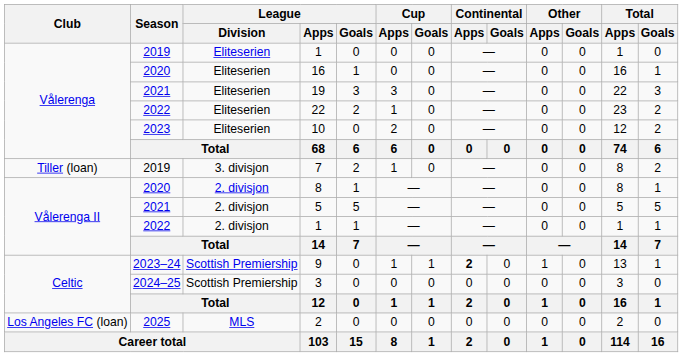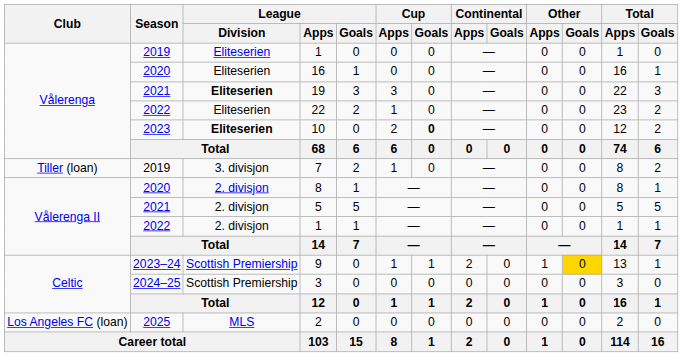 <table class="wikitable" style="text-align:center">
 <tr>
 <th rowspan="2">Club</th>
 <th rowspan="2">Season</th>
 <th colspan="3">League</th>
 <th colspan="2">Cup</th>
 <th colspan="2">Continental</th>
 <th colspan="2">Other</th>
 <th colspan="2">Total</th>
 </tr>
 <tr>
 <th>Division</th>
 <th>Apps</th>
 <th>Goals</th>
 <th>Apps</th>
 <th>Goals</th>
 <th>Apps</th>
 <th>Goals</th>
 <th>Apps</th>
 <th>Goals</th>
 <th>Apps</th>
 <th>Goals</th>
 </tr>
 <tr>
 <td rowspan="6"><a href='#'>Vålerenga</a></td>
 <td><a href='#'>2019</a></td>
 <td><a href='#'>Eliteserien</a></td>
 <td>1</td>
 <td>0</td>
 <td>0</td>
 <td>0</td>
 <td colspan="2">—</td>
 <td>0</td>
 <td>0</td>
 <td>1</td>
 <td>0</td>
 </tr>
 <tr>
 <td><a href='#'>2020</a></td>
 <td>Eliteserien</td>
 <td>16</td>
 <td>1</td>
 <td>0</td>
 <td>0</td>
 <td colspan="2">—</td>
 <td>0</td>
 <td>0</td>
 <td>16</td>
 <td>1</td>
 </tr>
 <tr>
 <td><a href='#'>2021</a></td>
-<td>Eliteserien</td>
+<td><strong>Eliteserien</strong></td>
 <td>19</td>
 <td>3</td>
 <td>3</td>
 <td>0</td>
 <td colspan="2">—</td>
 <td>0</td>
 <td>0</td>
 <td>22</td>
 <td>3</td>
 </tr>
 <tr>
 <td><a href='#'>2022</a></td>
 <td>Eliteserien</td>
 <td>22</td>
 <td>2</td>
 <td>1</td>
 <td>0</td>
 <td colspan="2">—</td>
 <td>0</td>
 <td>0</td>
 <td>23</td>
 <td>2</td>
 </tr>
 <tr>
 <td><a href='#'>2023</a></td>
-<td>Eliteserien</td>
+<td><strong>Eliteserien</strong></td>
 <td>10</td>
 <td>0</td>
 <td>2</td>
-<td>0</td>
+<td><strong>0</strong></td>
 <td colspan="2">—</td>
 <td>0</td>
 <td>0</td>
 <td>12</td>
 <td>2</td>
 </tr>
 <tr>
 <th colspan="2">Total</th>
 <th>68</th>
 <th>6</th>
 <th>6</th>
 <th>0</th>
 <th>0</th>
 <th>0</th>
 <th>0</th>
 <th>0</th>
 <th>74</th>
 <th>6</th>
 </tr>
 <tr>
 <td><a href='#'>Tiller</a> (loan)</td>
 <td>2019</td>
 <td>3. divisjon</td>
 <td>7</td>
 <td>2</td>
 <td>1</td>
 <td>0</td>
 <td colspan="2">—</td>
 <td>0</td>
 <td>0</td>
 <td>8</td>
 <td>2</td>
 </tr>
 <tr>
 <td rowspan="4"><a href='#'>Vålerenga II</a></td>
 <td><a href='#'>2020</a></td>
 <td><a href='#'>2. divisjon</a></td>
 <td>8</td>
 <td>1</td>
 <td colspan="2">—</td>
 <td colspan="2">—</td>
 <td>0</td>
 <td>0</td>
 <td>8</td>
 <td>1</td>
 </tr>
 <tr>
 <td><a href='#'>2021</a></td>
 <td>2. divisjon</td>
 <td>5</td>
 <td>5</td>
 <td colspan="2">—</td>
 <td colspan="2">—</td>
 <td>0</td>
 <td>0</td>
 <td>5</td>
 <td>5</td>
 </tr>
 <tr>
 <td><a href='#'>2022</a></td>
 <td>2. divisjon</td>
 <td>1</td>
 <td>1</td>
 <td colspan="2">—</td>
 <td colspan="2">—</td>
 <td>0</td>
 <td>0</td>
 <td>1</td>
 <td>1</td>
 </tr>
 <tr>
 <th colspan="2">Total</th>
 <th>14</th>
 <th>7</th>
 <th colspan="2">—</th>
 <th colspan="2">—</th>
 <th colspan="2">—</th>
 <th>14</th>
 <th>7</th>
 </tr>
 <tr>
 <td rowspan="3"><a href='#'>Celtic</a></td>
 <td><a href='#'>2023–24</a></td>
 <td><a href='#'>Scottish Premiership</a></td>
 <td>9</td>
 <td>0</td>
 <td>1</td>
 <td>1</td>
-<td><strong>2</strong></td>
+<td>2</td>
 <td>0</td>
 <td>1</td>
-<td>0</td>
+<td style="background: gold;">0</td>
 <td>13</td>
 <td>1</td>
 </tr>
 <tr>
 <td><a href='#'>2024–25</a></td>
 <td>Scottish Premiership</td>
 <td>3</td>
 <td>0</td>
 <td>0</td>
 <td>0</td>
 <td>0</td>
 <td>0</td>
 <td>0</td>
 <td>0</td>
 <td>3</td>
 <td>0</td>
 </tr>
 <tr>
 <th colspan="2">Total</th>
 <th>12</th>
 <th>0</th>
 <th>1</th>
 <th>1</th>
 <th>2</th>
 <th>0</th>
 <th>1</th>
 <th>0</th>
 <th>16</th>
 <th>1</th>
 </tr>
 <tr>
 <td rowspan="1"><a href='#'>Los Angeles FC</a> (loan)</td>
 <td><a href='#'>2025</a></td>
 <td><a href='#'>MLS</a></td>
 <td>2</td>
 <td>0</td>
 <td>0</td>
 <td>0</td>
 <td>0</td>
 <td>0</td>
 <td>0</td>
 <td>0</td>
 <td>2</td>
 <td>0</td>
 </tr>
 <tr>
 <th colspan="3">Career total</th>
 <th>103</th>
 <th>15</th>
 <th>8</th>
 <th>1</th>
 <th>2</th>
 <th>0</th>
 <th>1</th>
 <th>0</th>
 <th>114</th>
 <th>16</th>
 </tr>
 </table>
